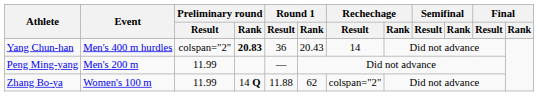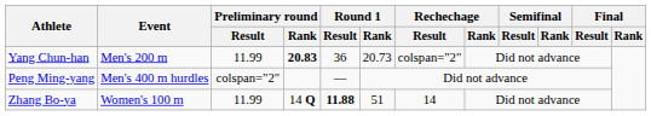 <table class="wikitable" style="font-size:90%; text-align:center">
 <tr>
 <th rowspan="2">Athlete</th>
 <th rowspan="2">Event</th>
 <th colspan="2">Preliminary round</th>
 <th colspan="2">Round 1</th>
 <th colspan="2">Rechechage</th>
 <th colspan="2">Semifinal</th>
 <th colspan="2">Final</th>
 </tr>
 <tr style="font-size:95%">
 <th>Result</th>
 <th>Rank</th>
 <th>Result</th>
 <th>Rank</th>
 <th>Result</th>
 <th>Rank</th>
 <th>Result</th>
 <th>Rank</th>
 <th>Result</th>
 <th>Rank</th>
 </tr>
 <tr>
 <td align="left"><a href='#'>Yang Chun-han</a></td>
-<td align="left"><a href='#'>Men's 400 m hurdles</a></td>
-<td>colspan="2" </td>
+<td align="left"><a href='#'>Men's 200 m</a></td>
+<td>11.99</td>
 <td><strong>20.83</strong></td>
 <td>36</td>
-<td>20.43</td>
-<td>14</td>
+<td>20.73</td>
+<td>colspan="2" </td>
 <td colspan="4">Did not advance</td>
 </tr>
 <tr>
 <td align="left"><a href='#'>Peng Ming-yang</a></td>
-<td align="left"><a href='#'>Men's 200 m</a></td>
-<td>11.99</td>
+<td align="left"><a href='#'>Men's 400 m hurdles</a></td>
+<td>colspan="2" </td>
 <td></td>
 <td>—</td>
 <td colspan="6">Did not advance</td>
 </tr>
 <tr>
 <td align="left"><a href='#'>Zhang Bo-ya</a></td>
 <td align="left"><a href='#'>Women's 100 m</a></td>
 <td>11.99</td>
 <td>14 <strong>Q</strong></td>
-<td>11.88</td>
-<td>62</td>
-<td>colspan="2" </td>
+<td><strong>11.88</strong></td>
+<td>51</td>
+<td>14</td>
 <td colspan="4">Did not advance</td>
 </tr>
 </table>
